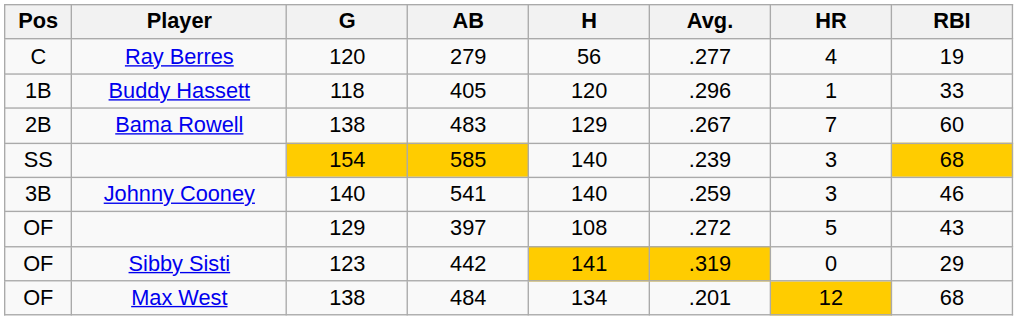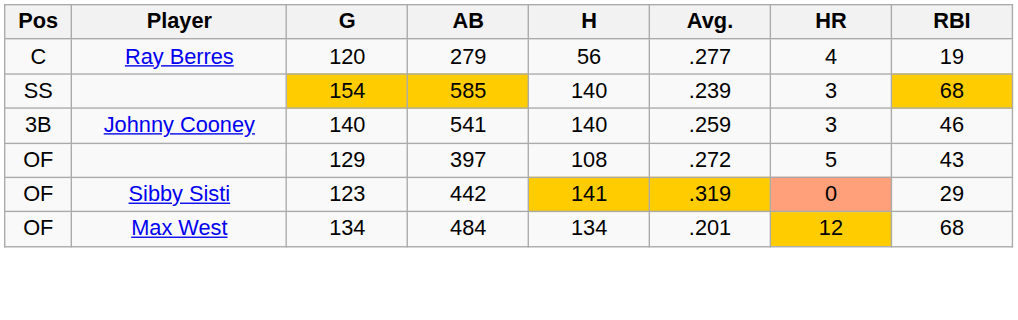 <table class="wikitable sortable">
 <tr>
 <th bgcolor="#DDDDFF" width="5%">Pos</th>
 <th bgcolor="#DDDDFF" width="16%">Player</th>
 <th bgcolor="#DDDDFF" width="9%">G</th>
 <th bgcolor="#DDDDFF" width="9%">AB</th>
 <th bgcolor="#DDDDFF" width="9%">H</th>
 <th bgcolor="#DDDDFF" width="9%">Avg.</th>
 <th bgcolor="#DDDDFF" width="9%">HR</th>
 <th bgcolor="#DDDDFF" width="9%">RBI</th>
 </tr>
 <tr align="center">
 <td>C</td>
 <td><a href='#'>Ray Berres</a></td>
 <td>120</td>
 <td>279</td>
 <td>56</td>
 <td>.277</td>
 <td>4</td>
 <td>19</td>
-</tr>
-<tr align="center">
-<td>1B</td>
-<td><a href='#'>Buddy Hassett</a></td>
-<td>118</td>
-<td>405</td>
-<td>120</td>
-<td>.296</td>
-<td>1</td>
-<td>33</td>
-</tr>
-<tr align="center">
-<td>2B</td>
-<td><a href='#'>Bama Rowell</a></td>
-<td>138</td>
-<td>483</td>
-<td>129</td>
-<td>.267</td>
-<td>7</td>
-<td>60</td>
 </tr>
 <tr align="center">
 <td>SS</td>
 <td></td>
 <td style="background:#fc0;">154</td>
 <td style="background:#fc0;">585</td>
 <td>140</td>
 <td>.239</td>
 <td>3</td>
 <td style="background:#fc0;">68</td>
 </tr>
 <tr align="center">
 <td>3B</td>
 <td><a href='#'>Johnny Cooney</a></td>
 <td>140</td>
 <td>541</td>
 <td>140</td>
 <td>.259</td>
 <td>3</td>
 <td>46</td>
 </tr>
 <tr align="center">
 <td>OF</td>
 <td></td>
 <td>129</td>
 <td>397</td>
 <td>108</td>
 <td>.272</td>
 <td>5</td>
 <td>43</td>
 </tr>
 <tr align="center">
 <td>OF</td>
 <td><a href='#'>Sibby Sisti</a></td>
 <td>123</td>
 <td>442</td>
 <td style="background:#fc0;">141</td>
 <td style="background:#fc0;">.319</td>
-<td>0</td>
+<td style="background: lightsalmon;">0</td>
 <td>29</td>
 </tr>
 <tr align="center">
 <td>OF</td>
 <td><a href='#'>Max West</a></td>
-<td>138</td>
+<td>134</td>
 <td>484</td>
 <td>134</td>
 <td>.201</td>
 <td style="background:#fc0;">12</td>
 <td>68</td>
 </tr>
 </table>
